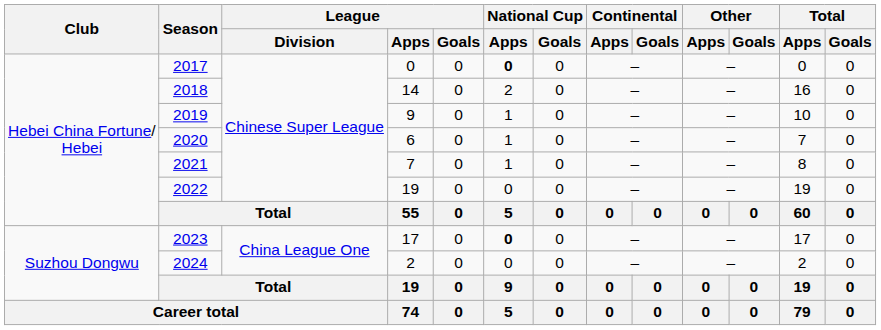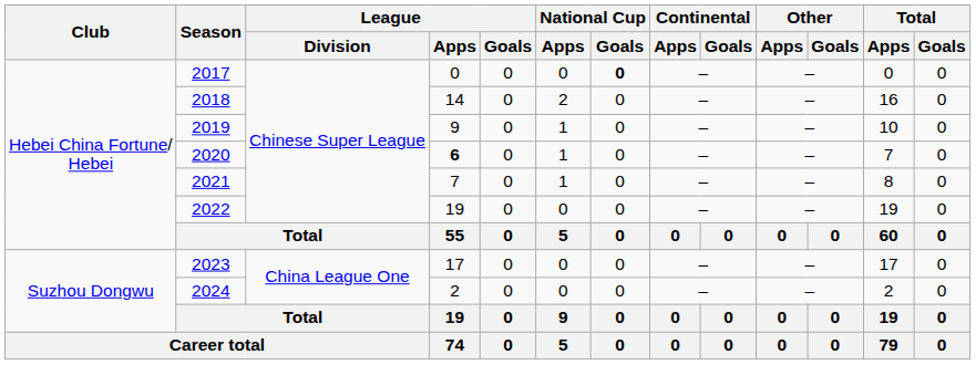 <table class="wikitable" style="text-align: center">
 <tr>
 <th rowspan="2">Club</th>
 <th rowspan="2">Season</th>
 <th colspan="3">League</th>
 <th colspan="2">National Cup</th>
 <th colspan="2">Continental</th>
 <th colspan="2">Other</th>
 <th colspan="2">Total</th>
 </tr>
 <tr>
 <th>Division</th>
 <th>Apps</th>
 <th>Goals</th>
 <th>Apps</th>
 <th>Goals</th>
 <th>Apps</th>
 <th>Goals</th>
 <th>Apps</th>
 <th>Goals</th>
 <th>Apps</th>
 <th>Goals</th>
 </tr>
 <tr>
 <td rowspan="7"><a href='#'>Hebei China Fortune</a>/<br><a href='#'>Hebei</a></td>
 <td><a href='#'>2017</a></td>
 <td rowspan="6"><a href='#'>Chinese Super League</a></td>
 <td>0</td>
 <td>0</td>
+<td>0</td>
 <td><strong>0</strong></td>
-<td>0</td>
 <td colspan="2">–</td>
 <td colspan="2">–</td>
 <td>0</td>
 <td>0</td>
 </tr>
 <tr>
 <td><a href='#'>2018</a></td>
 <td>14</td>
 <td>0</td>
 <td>2</td>
 <td>0</td>
 <td colspan="2">–</td>
 <td colspan="2">–</td>
 <td>16</td>
 <td>0</td>
 </tr>
 <tr>
 <td><a href='#'>2019</a></td>
 <td>9</td>
 <td>0</td>
 <td>1</td>
 <td>0</td>
 <td colspan="2">–</td>
 <td colspan="2">–</td>
 <td>10</td>
 <td>0</td>
 </tr>
 <tr>
 <td><a href='#'>2020</a></td>
-<td>6</td>
+<td><strong>6</strong></td>
 <td>0</td>
 <td>1</td>
 <td>0</td>
 <td colspan="2">–</td>
 <td colspan="2">–</td>
 <td>7</td>
 <td>0</td>
 </tr>
 <tr>
 <td><a href='#'>2021</a></td>
 <td>7</td>
 <td>0</td>
 <td>1</td>
 <td>0</td>
 <td colspan="2">–</td>
 <td colspan="2">–</td>
 <td>8</td>
 <td>0</td>
 </tr>
 <tr>
 <td><a href='#'>2022</a></td>
 <td>19</td>
 <td>0</td>
 <td>0</td>
 <td>0</td>
 <td colspan="2">–</td>
 <td colspan="2">–</td>
 <td>19</td>
 <td>0</td>
 </tr>
 <tr>
 <th colspan="2"><strong>Total</strong></th>
 <th>55</th>
 <th>0</th>
 <th>5</th>
 <th>0</th>
 <th>0</th>
 <th>0</th>
 <th>0</th>
 <th>0</th>
 <th>60</th>
 <th>0</th>
 </tr>
 <tr>
 <td rowspan="3"><a href='#'>Suzhou Dongwu</a></td>
 <td><a href='#'>2023</a></td>
 <td rowspan="2"><a href='#'>China League One</a></td>
 <td>17</td>
 <td>0</td>
-<td><strong>0</strong></td>
+<td>0</td>
 <td>0</td>
 <td colspan="2">–</td>
 <td colspan="2">–</td>
 <td>17</td>
 <td>0</td>
 </tr>
 <tr>
 <td><a href='#'>2024</a></td>
 <td>2</td>
 <td>0</td>
 <td>0</td>
 <td>0</td>
 <td colspan="2">–</td>
 <td colspan="2">–</td>
 <td>2</td>
 <td>0</td>
 </tr>
 <tr>
 <th colspan="2"><strong>Total</strong></th>
 <th>19</th>
 <th>0</th>
 <th>9</th>
 <th>0</th>
 <th>0</th>
 <th>0</th>
 <th>0</th>
 <th>0</th>
 <th>19</th>
 <th>0</th>
 </tr>
 <tr>
 <th colspan="3">Career total</th>
 <th>74</th>
 <th>0</th>
 <th>5</th>
 <th>0</th>
 <th>0</th>
 <th>0</th>
 <th>0</th>
 <th>0</th>
 <th>79</th>
 <th>0</th>
 </tr>
 </table>
